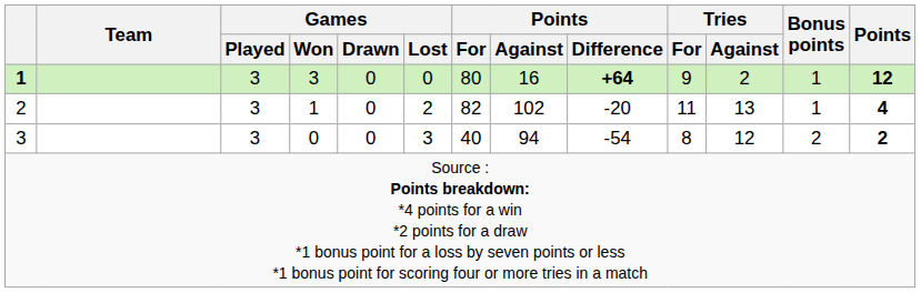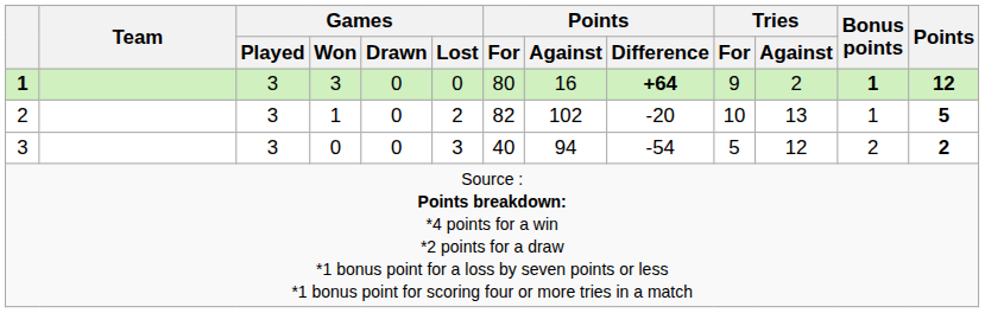 <table class="wikitable" style="text-align: center;">
 <tr>
 <th rowspan="2" bgcolor="#efefef" width="20"></th>
 <th rowspan="2" bgcolor="#efefef" width="150">Team</th>
 <th colspan="4" bgcolor="#efefef" width="100">Games</th>
 <th colspan="3" bgcolor="#efefef" width="60">Points</th>
 <th colspan="2" bgcolor="#efefef" width="40">Tries</th>
 <th rowspan="2" bgcolor="#efefef" width="40">Bonus points</th>
 <th rowspan="2" bgcolor="#efefef" width="20">Points</th>
 </tr>
 <tr>
 <th bgcolor="#efefef" width="20">Played</th>
 <th bgcolor="#efefef" width="20">Won</th>
 <th bgcolor="#efefef" width="20">Drawn</th>
 <th bgcolor="#efefef" width="20">Lost</th>
 <th bgcolor="#efefef" width="20">For</th>
 <th bgcolor="#efefef" width="20">Against</th>
 <th bgcolor="#efefef" width="20">Difference</th>
 <th bgcolor="#efefef" width="20">For</th>
 <th bgcolor="#efefef" width="20">Against<br></th>
 </tr>
 <tr style="background:#D0F0C0; text-align:center;">
 <td><strong>1</strong></td>
 <td align=left></td>
 <td>3</td>
 <td>3</td>
 <td>0</td>
 <td>0</td>
 <td>80</td>
 <td>16</td>
 <td><strong>+64</strong></td>
 <td>9</td>
 <td>2</td>
-<td>1</td>
+<td><strong>1</strong></td>
 <td><strong>12</strong></td>
 </tr>
 <tr style="background:#fff; text-align:center;">
 <td>2</td>
 <td align=left></td>
 <td>3</td>
 <td>1</td>
 <td>0</td>
 <td>2</td>
 <td>82</td>
 <td>102</td>
 <td>-20</td>
-<td>11</td>
+<td>10</td>
 <td>13</td>
 <td>1</td>
-<td><strong>4</strong></td>
+<td><strong>5</strong></td>
 </tr>
 <tr style="background:#fff; text-align:center;">
 <td>3</td>
 <td align=left></td>
 <td>3</td>
 <td>0</td>
 <td>0</td>
 <td>3</td>
 <td>40</td>
 <td>94</td>
 <td>-54</td>
-<td>8</td>
+<td>5</td>
 <td>12</td>
 <td>2</td>
 <td><strong>2</strong></td>
 </tr>
 <tr |align=left|>
 <td colspan="14" style="border:0;"><small>Source : <br><strong>Points breakdown:</strong><br>*4 points for a win<br>*2 points for a draw<br>*1 bonus point for a loss by seven points or less<br>*1 bonus point for scoring four or more tries in a match</small></td>
 </tr>
 </table>
